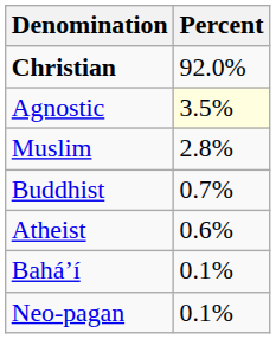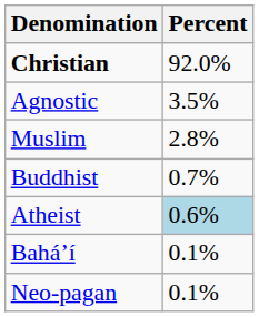 <table class="wikitable">
 <tr>
 <th>Denomination</th>
 <th>Percent</th>
 </tr>
 <tr>
 <td><strong>Christian</strong></td>
 <td>92.0%</td>
 </tr>
 <tr>
 <td><a href='#'>Agnostic</a></td>
-<td style="background: lightyellow;">3.5%</td>
+<td>3.5%</td>
 </tr>
 <tr>
 <td><a href='#'>Muslim</a></td>
 <td>2.8%</td>
 </tr>
 <tr>
 <td><a href='#'>Buddhist</a></td>
 <td>0.7%</td>
 </tr>
 <tr>
 <td><a href='#'>Atheist</a></td>
-<td>0.6%</td>
+<td style="background: lightblue;">0.6%</td>
 </tr>
 <tr>
 <td><a href='#'>Baháʼí</a></td>
 <td>0.1%</td>
 </tr>
 <tr>
 <td><a href='#'>Neo-pagan</a></td>
 <td>0.1%</td>
 </tr>
 </table>
